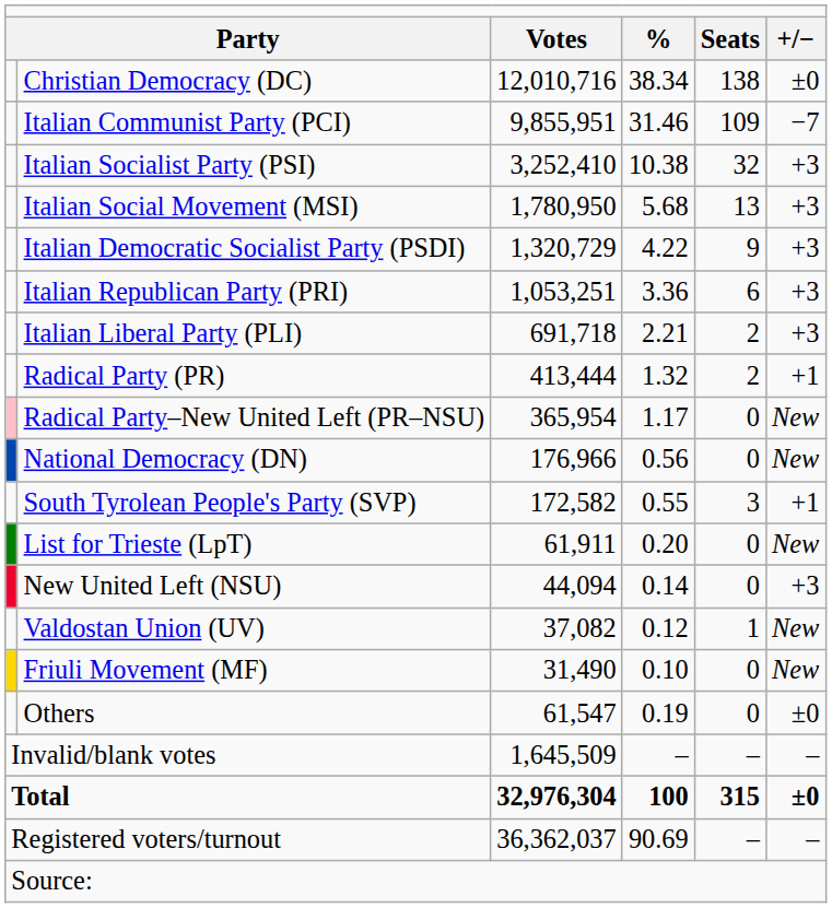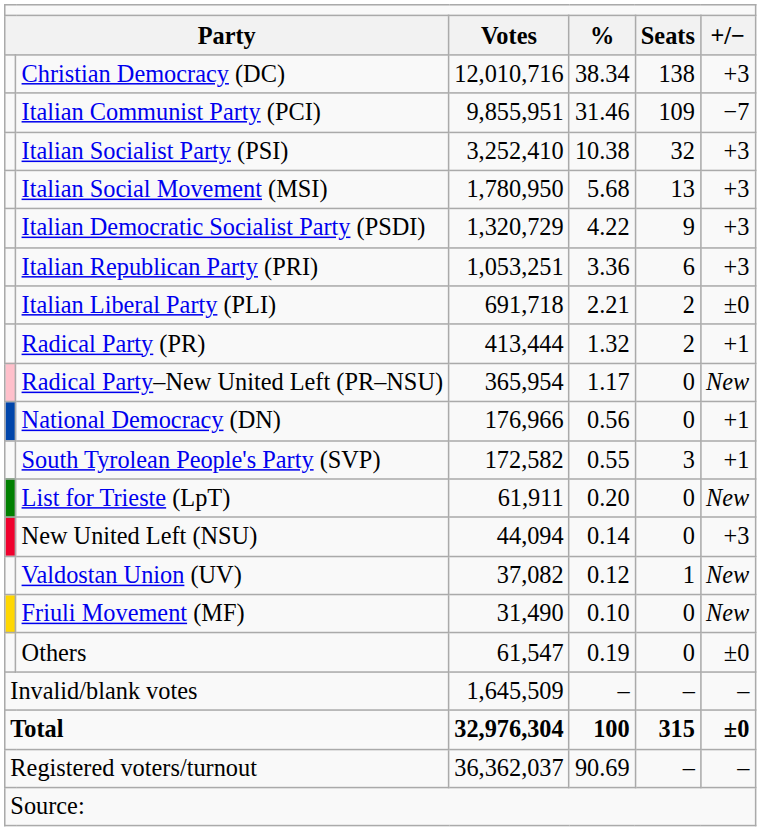 <table class="wikitable" style="text-align:right">
 <tr>
 <td colspan="6"></td>
 </tr>
 <tr>
 <th colspan=2>Party</th>
 <th>Votes</th>
 <th>%</th>
 <th>Seats</th>
 <th>+/−</th>
 </tr>
 <tr>
 <td style="background-color:"></td>
 <td align=left><a href='#'>Christian Democracy</a> (DC)</td>
 <td>12,010,716</td>
 <td>38.34</td>
 <td>138</td>
-<td>±0</td>
+<td><span>+3</span></td>
 </tr>
 <tr>
 <td style="background-color:"></td>
 <td align=left><a href='#'>Italian Communist Party</a> (PCI)</td>
 <td>9,855,951</td>
 <td>31.46</td>
 <td>109</td>
 <td><span>−7</span></td>
 </tr>
 <tr>
 <td style="background-color:"></td>
 <td align=left><a href='#'>Italian Socialist Party</a> (PSI)</td>
 <td>3,252,410</td>
 <td>10.38</td>
 <td>32</td>
 <td><span>+3</span></td>
 </tr>
 <tr>
 <td style="background-color:"></td>
 <td align=left><a href='#'>Italian Social Movement</a> (MSI)</td>
 <td>1,780,950</td>
 <td>5.68</td>
 <td>13</td>
 <td><span>+3</span></td>
 </tr>
 <tr>
 <td style="background-color:"></td>
 <td align=left><a href='#'>Italian Democratic Socialist Party</a> (PSDI)</td>
 <td>1,320,729</td>
 <td>4.22</td>
 <td>9</td>
 <td><span>+3</span></td>
 </tr>
 <tr>
 <td style="background-color:"></td>
 <td align=left><a href='#'>Italian Republican Party</a> (PRI)</td>
 <td>1,053,251</td>
 <td>3.36</td>
 <td>6</td>
 <td><span>+3</span></td>
 </tr>
 <tr>
 <td style="background-color:"></td>
 <td align=left><a href='#'>Italian Liberal Party</a> (PLI)</td>
 <td>691,718</td>
 <td>2.21</td>
 <td>2</td>
-<td><span>+3</span></td>
+<td>±0</td>
 </tr>
 <tr>
 <td style="background-color:"></td>
 <td align=left><a href='#'>Radical Party</a> (PR)</td>
 <td>413,444</td>
 <td>1.32</td>
 <td>2</td>
 <td><span>+1</span></td>
 </tr>
 <tr>
 <td style="background-color:pink"></td>
 <td align=left><a href='#'>Radical Party</a>–New United Left (PR–NSU)</td>
 <td>365,954</td>
 <td>1.17</td>
 <td>0</td>
 <td><em>New</em></td>
 </tr>
 <tr>
 <td style="background-color:#0045AA"></td>
 <td align=left><a href='#'>National Democracy</a> (DN)</td>
 <td>176,966</td>
 <td>0.56</td>
 <td>0</td>
-<td><em>New</em></td>
+<td><span>+1</span></td>
 </tr>
 <tr>
 <td style="background-color:"></td>
 <td align=left><a href='#'>South Tyrolean People's Party</a> (SVP)</td>
 <td>172,582</td>
 <td>0.55</td>
 <td>3</td>
 <td><span>+1</span></td>
 </tr>
 <tr>
 <td style="background-color:green"></td>
 <td align=left><a href='#'>List for Trieste</a> (LpT)</td>
 <td>61,911</td>
 <td>0.20</td>
 <td>0</td>
 <td><em>New</em></td>
 </tr>
 <tr>
 <td style="background-color:#F0002D"></td>
 <td align=left>New United Left (NSU)</td>
 <td>44,094</td>
 <td>0.14</td>
 <td>0</td>
 <td><span>+3</span></td>
 </tr>
 <tr>
 <td style="background-color:"></td>
 <td align=left><a href='#'>Valdostan Union</a> (UV)</td>
 <td>37,082</td>
 <td>0.12</td>
 <td>1</td>
 <td><em>New</em></td>
 </tr>
 <tr>
 <td style="background-color:gold"></td>
 <td align=left><a href='#'>Friuli Movement</a> (MF)</td>
 <td>31,490</td>
 <td>0.10</td>
 <td>0</td>
 <td><em>New</em></td>
 </tr>
 <tr>
 <td style="background-color:"></td>
 <td align=left>Others</td>
 <td>61,547</td>
 <td>0.19</td>
 <td>0</td>
 <td>±0</td>
 </tr>
 <tr>
 <td align=left colspan=2>Invalid/blank votes</td>
 <td>1,645,509</td>
 <td>–</td>
 <td>–</td>
 <td>–</td>
 </tr>
 <tr>
 <td align=left colspan=2><strong>Total</strong></td>
 <td><strong>32,976,304</strong></td>
 <td><strong>100</strong></td>
 <td><strong>315</strong></td>
 <td><strong>±0</strong></td>
 </tr>
 <tr>
 <td align=left colspan=2>Registered voters/turnout</td>
 <td>36,362,037</td>
 <td>90.69</td>
 <td>–</td>
 <td>–</td>
 </tr>
 <tr>
 <td align=left colspan=6>Source: </td>
 </tr>
 </table>
